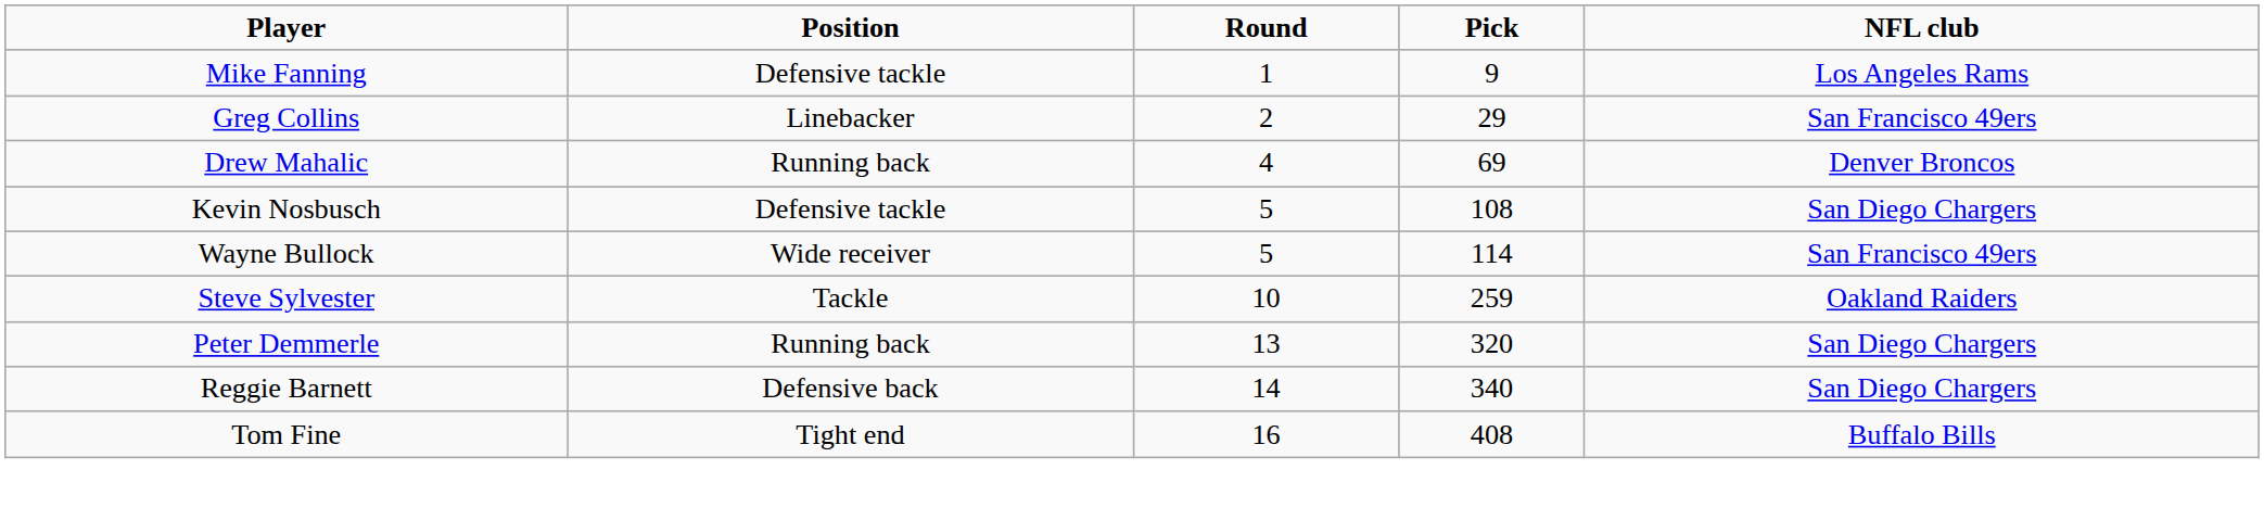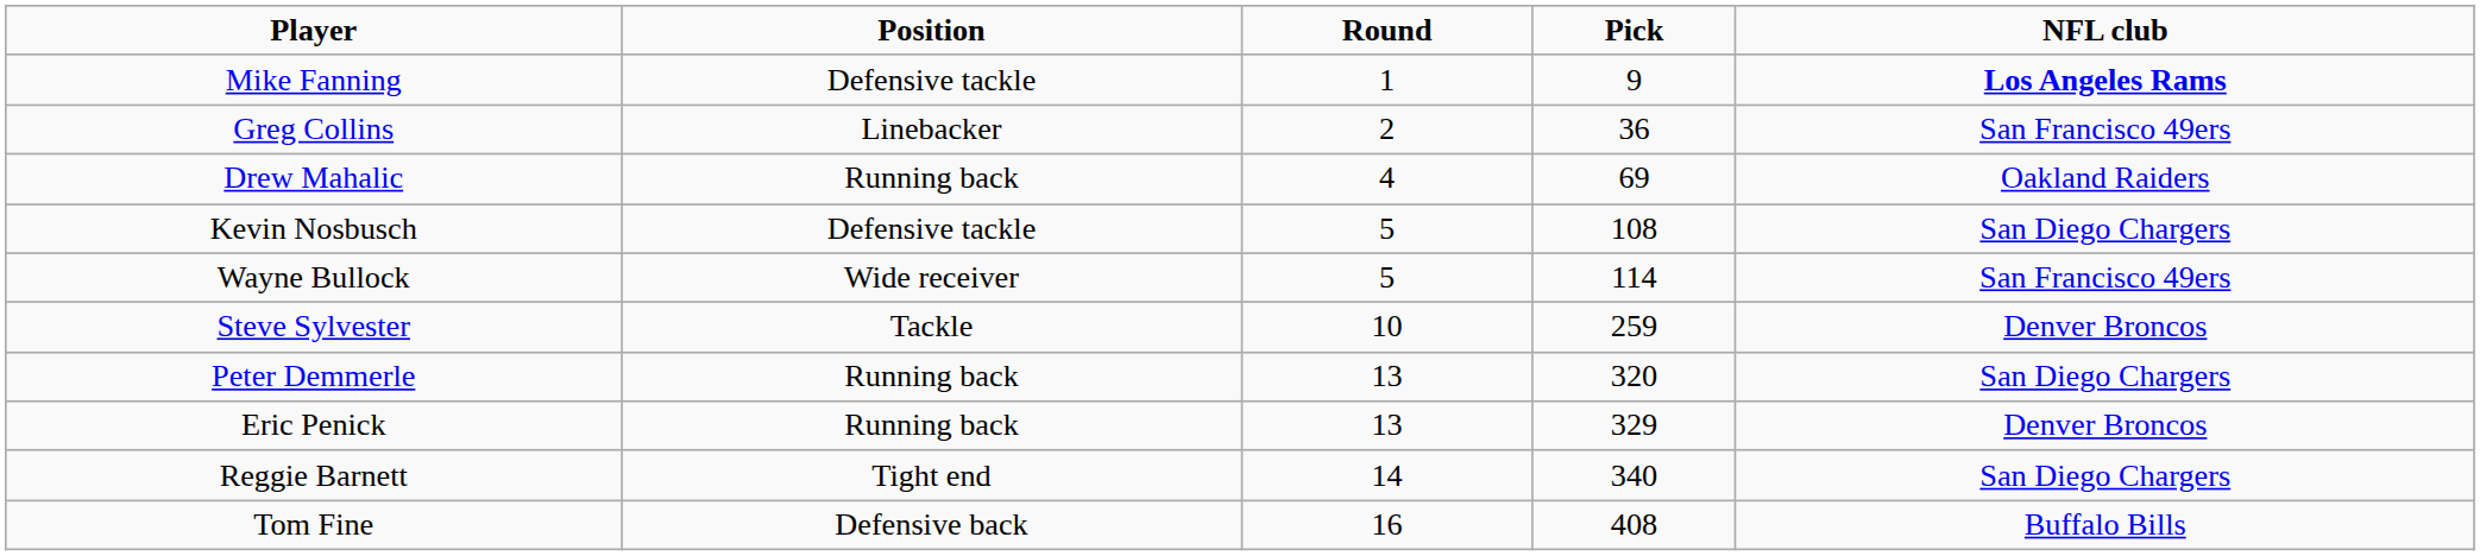 <table class="wikitable" width="80%">
 <tr align="center">
 <td><strong>Player</strong></td>
 <td><strong>Position</strong></td>
 <td><strong>Round</strong></td>
 <td><strong>Pick</strong></td>
 <td><strong>NFL club</strong></td>
 </tr>
 <tr align="center" bgcolor="">
 <td><a href='#'>Mike Fanning</a></td>
 <td>Defensive tackle</td>
 <td>1</td>
 <td>9</td>
-<td><a href='#'>Los Angeles Rams</a></td>
+<td><strong><a href='#'>Los Angeles Rams</a></strong></td>
 </tr>
 <tr align="center" bgcolor="">
 <td><a href='#'>Greg Collins</a></td>
 <td>Linebacker</td>
 <td>2</td>
-<td>29</td>
+<td>36</td>
 <td><a href='#'>San Francisco 49ers</a></td>
 </tr>
 <tr align="center" bgcolor="">
 <td><a href='#'>Drew Mahalic</a></td>
 <td>Running back</td>
 <td>4</td>
 <td>69</td>
-<td><a href='#'>Denver Broncos</a></td>
+<td><a href='#'>Oakland Raiders</a></td>
 </tr>
 <tr align="center" bgcolor="">
 <td>Kevin Nosbusch</td>
 <td>Defensive tackle</td>
 <td>5</td>
 <td>108</td>
 <td><a href='#'>San Diego Chargers</a></td>
 </tr>
 <tr align="center" bgcolor="">
 <td>Wayne Bullock</td>
 <td>Wide receiver</td>
 <td>5</td>
 <td>114</td>
 <td><a href='#'>San Francisco 49ers</a></td>
 </tr>
 <tr align="center" bgcolor="">
 <td><a href='#'>Steve Sylvester</a></td>
 <td>Tackle</td>
 <td>10</td>
 <td>259</td>
-<td><a href='#'>Oakland Raiders</a></td>
+<td><a href='#'>Denver Broncos</a></td>
 </tr>
 <tr align="center" bgcolor="">
 <td><a href='#'>Peter Demmerle</a></td>
 <td>Running back</td>
 <td>13</td>
 <td>320</td>
 <td><a href='#'>San Diego Chargers</a></td>
 </tr>
 <tr align="center" bgcolor="">
+<td>Eric Penick</td>
+<td>Running back</td>
+<td>13</td>
+<td>329</td>
+<td><a href='#'>Denver Broncos</a></td>
+</tr>
+<tr align="center" bgcolor="">
 <td>Reggie Barnett</td>
-<td>Defensive back</td>
+<td>Tight end</td>
 <td>14</td>
 <td>340</td>
 <td><a href='#'>San Diego Chargers</a></td>
 </tr>
 <tr align="center" bgcolor="">
 <td>Tom Fine</td>
-<td>Tight end</td>
+<td>Defensive back</td>
 <td>16</td>
 <td>408</td>
 <td><a href='#'>Buffalo Bills</a></td>
 </tr>
 </table>
